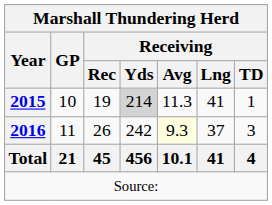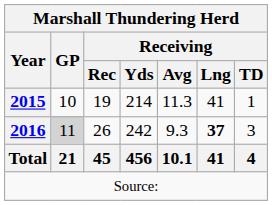 <table class="wikitable" style="text-align: center;">
 <tr>
 <th colspan="9"><strong>Marshall Thundering Herd</strong></th>
 </tr>
 <tr>
 <th rowspan="2">Year</th>
 <th rowspan="2">GP</th>
 <th colspan="5">Receiving</th>
 </tr>
 <tr>
 <th>Rec</th>
 <th>Yds</th>
 <th>Avg</th>
 <th>Lng</th>
 <th>TD</th>
 </tr>
 <tr>
 <th><a href='#'>2015</a></th>
 <td>10</td>
 <td>19</td>
-<td style="background: lightgrey;">214</td>
+<td>214</td>
 <td>11.3</td>
 <td>41</td>
 <td>1</td>
 </tr>
 <tr>
 <th><a href='#'>2016</a></th>
-<td>11</td>
+<td style="background: lightgrey;">11</td>
 <td>26</td>
 <td>242</td>
-<td style="background: lightyellow;">9.3</td>
-<td>37</td>
+<td>9.3</td>
+<td><strong>37</strong></td>
 <td>3</td>
 </tr>
 <tr>
 <th>Total</th>
 <th>21</th>
 <th>45</th>
 <th>456</th>
 <th>10.1</th>
 <th>41</th>
 <th>4</th>
 </tr>
 <tr>
 <td colspan="9"><small>Source:  </small></td>
 </tr>
 </table>
